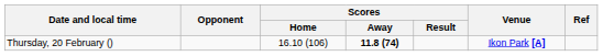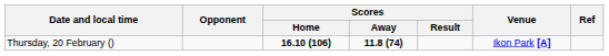 <table class="wikitable plainrowheaders" style="font-size:90%; width:100%; text-align:center;">
 <tr>
 <th scope="col" rowspan=2>Date and local time</th>
 <th scope="col" rowspan=2>Opponent</th>
 <th scope="col" colspan=3>Scores</th>
 <th scope="col" rowspan=2>Venue</th>
 <th scope="col" rowspan=2>Ref</th>
 </tr>
 <tr>
 <th scope="col">Home</th>
 <th scope="col">Away</th>
 <th scope="col">Result</th>
 </tr>
 <tr>
 <td align=left>Thursday, 20 February ()</td>
 <td align=left></td>
-<td>16.10 (106)</td>
+<td><strong>16.10 (106)</strong></td>
 <td><strong>11.8 (74)</strong></td>
 <td></td>
 <td><a href='#'>Ikon Park</a> <a href='#'><strong>[A]</strong></a></td>
 <td></td>
 </tr>
 </table>
